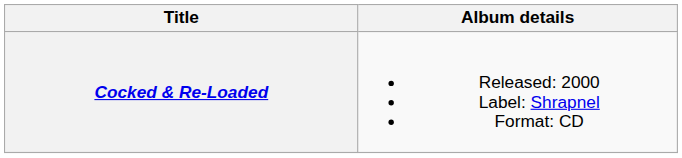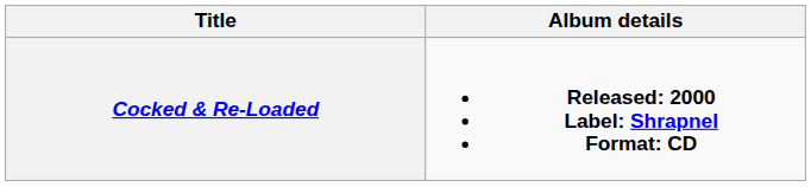 <table class="wikitable plainrowheaders" style="text-align:center;">
 <tr>
 <th scope="col" style="width:20em;">Title</th>
 <th scope="col" style="width:18em;">Album details</th>
 </tr>
 <tr>
 <th scope="row"><em><a href='#'>Cocked & Re-Loaded</a></em></th>
-<td><br><ul><li>Released: 2000</li><li>Label: <a href='#'>Shrapnel</a></li><li>Format: CD</li></ul></td>
+<td><strong><br><ul><li>Released: 2000</li><li>Label: <a href='#'>Shrapnel</a></li><li>Format: CD</li></ul></strong></td>
 </tr>
 <tr>
 </tr>
 </table>
